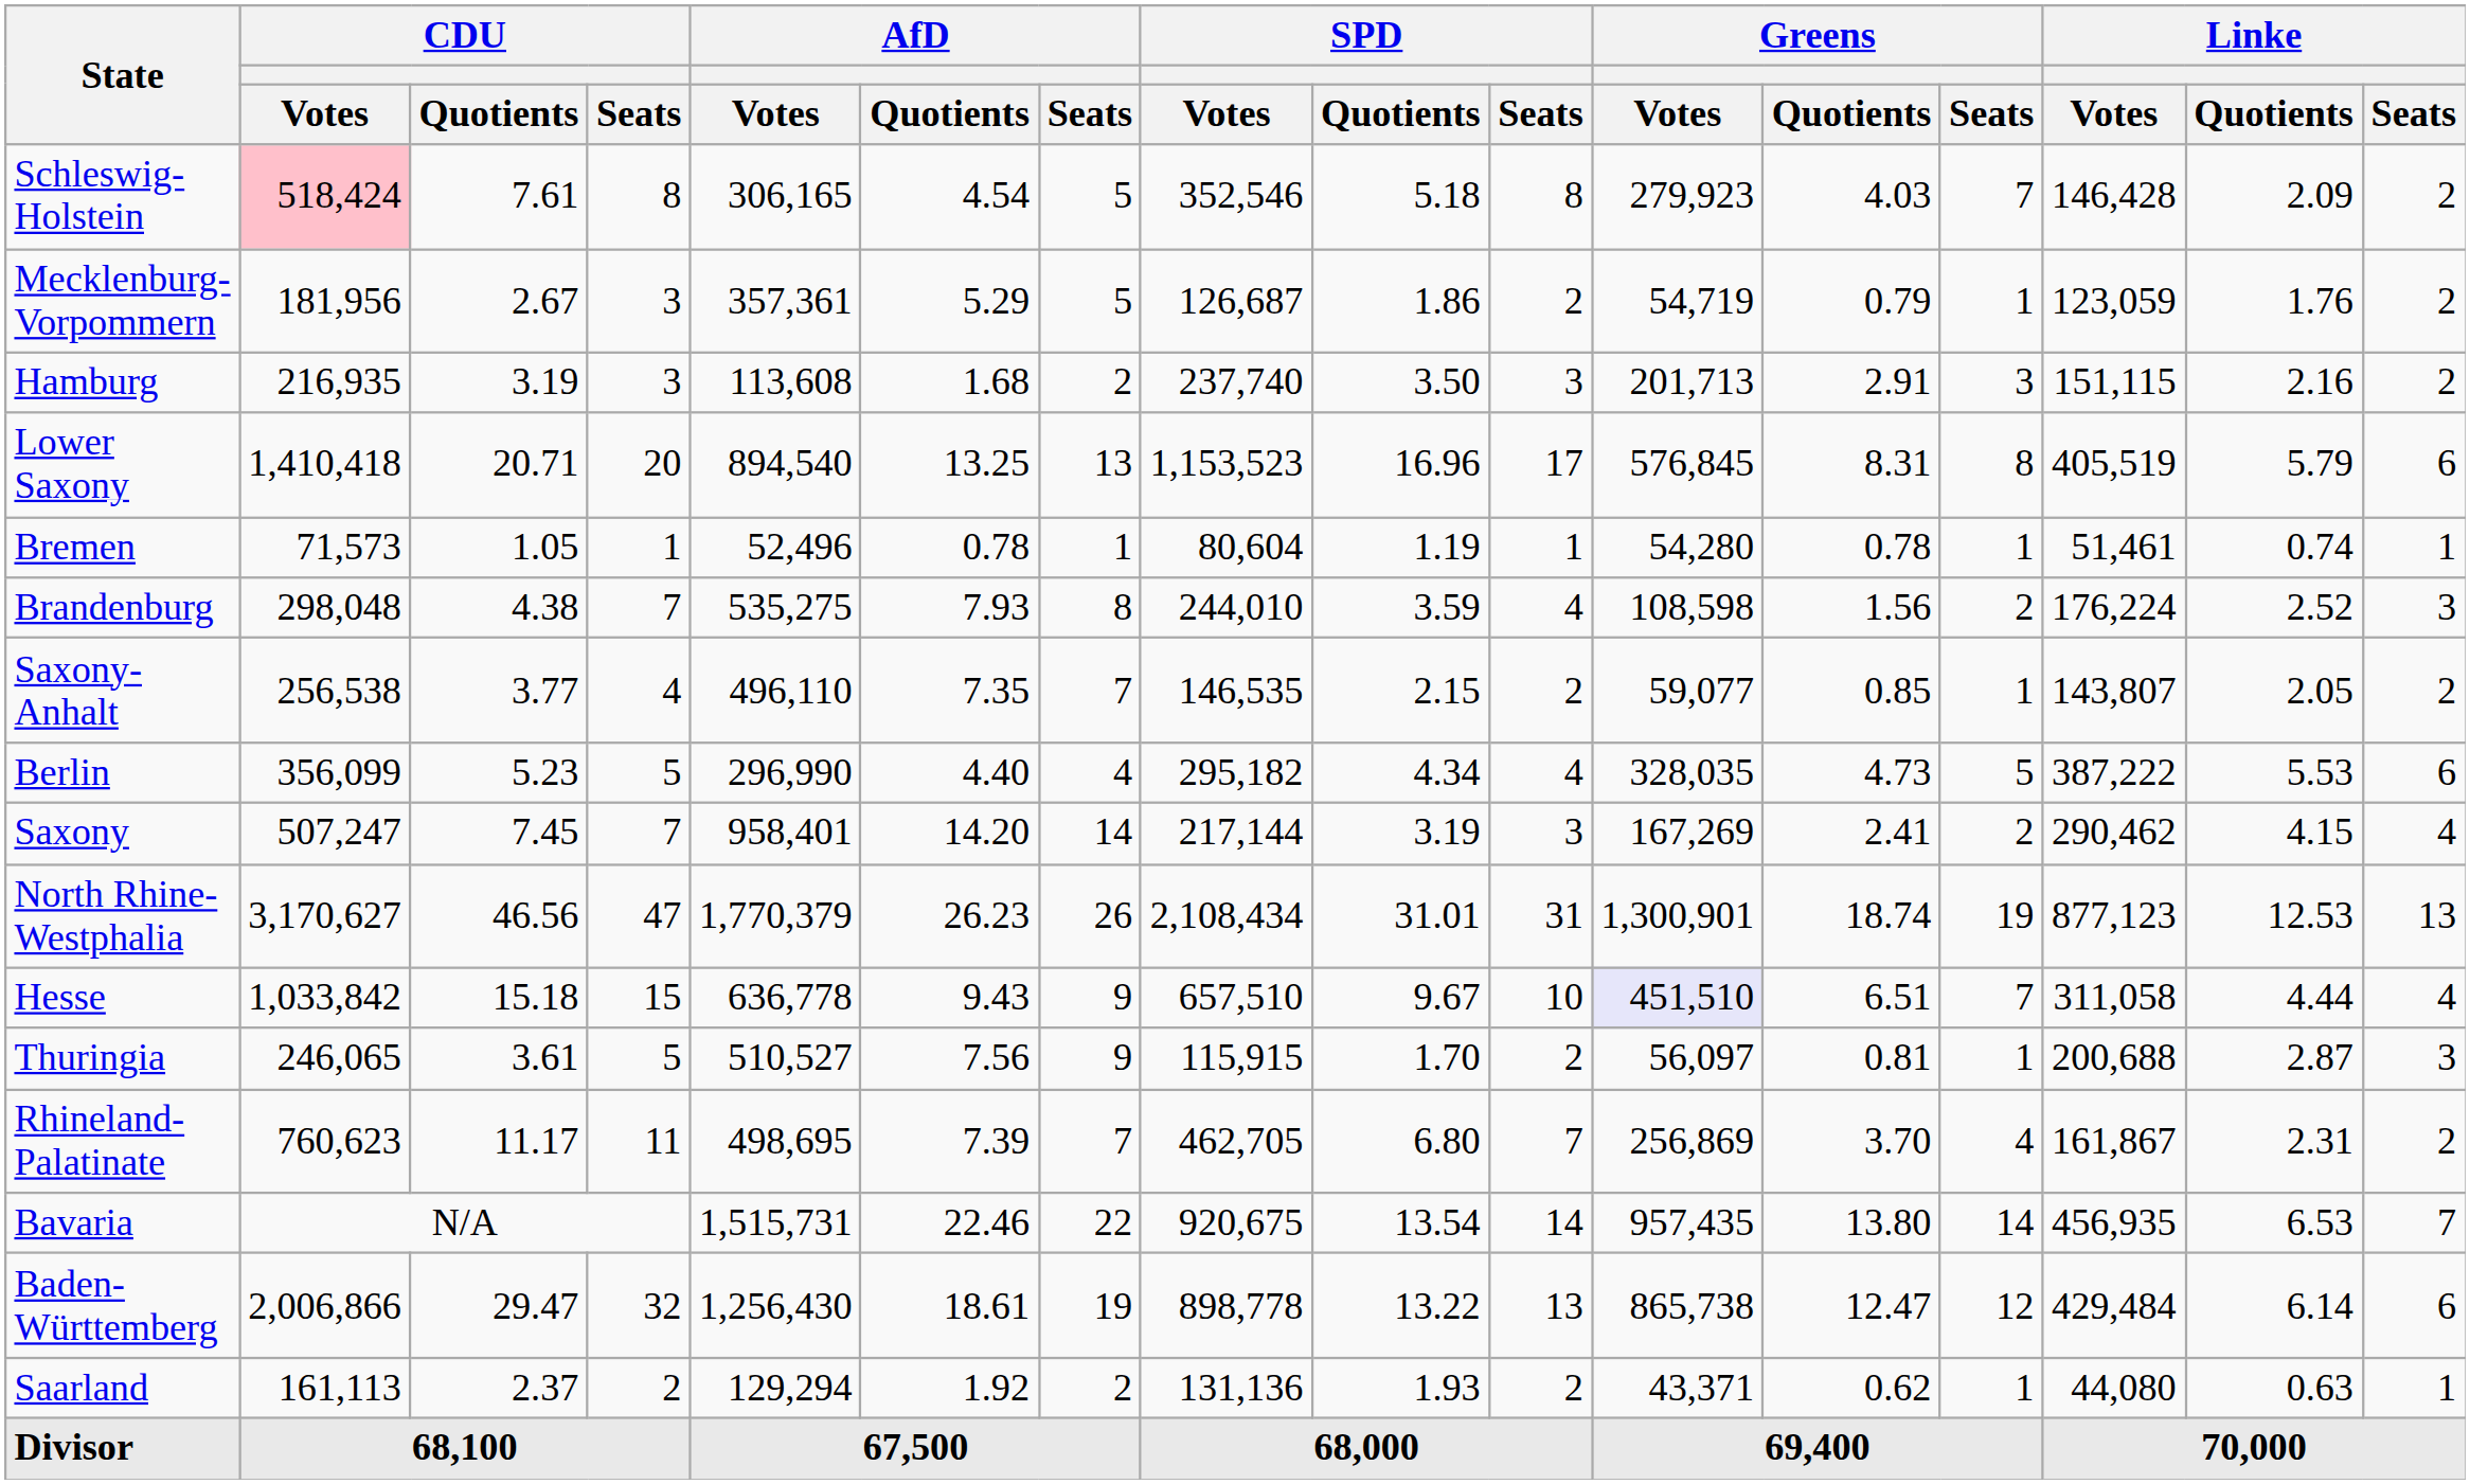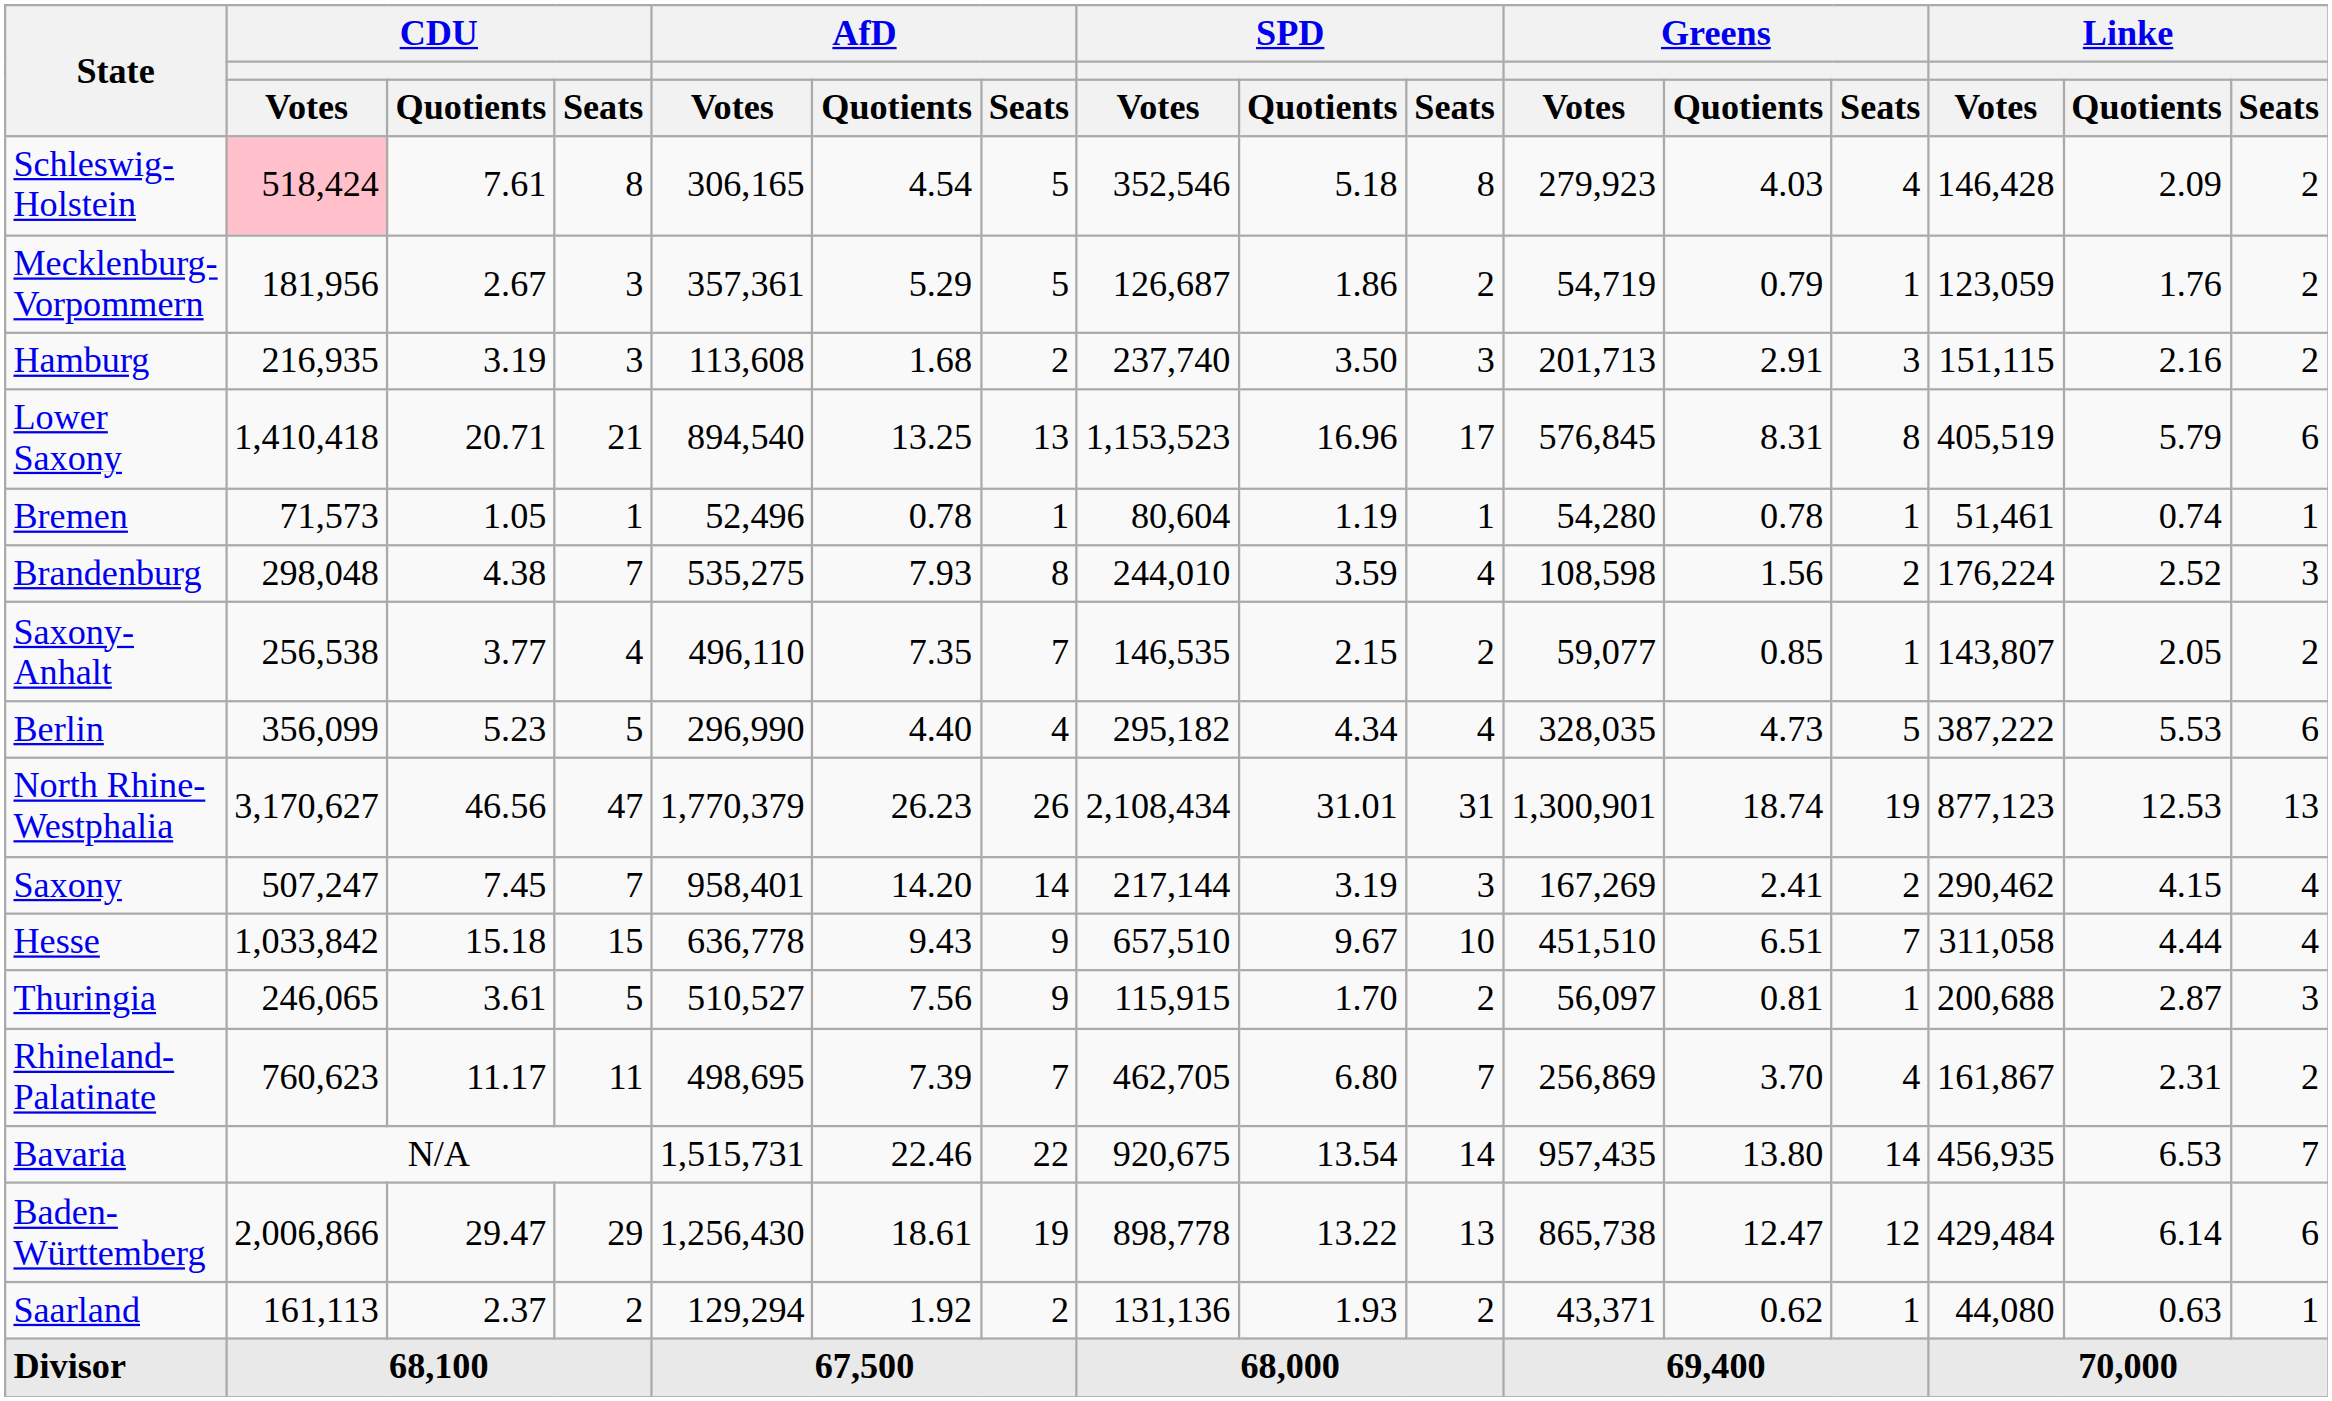 <table class="wikitable">
 <tr>
 <th rowspan="3">State</th>
 <th colspan="3"><a href='#'>CDU</a></th>
 <th colspan="3"><a href='#'>AfD</a></th>
 <th colspan="3"><a href='#'>SPD</a></th>
 <th colspan="3"><a href='#'>Greens</a></th>
 <th colspan="3"><a href='#'>Linke</a></th>
 </tr>
 <tr>
 <th colspan="3" style="background:"></th>
 <th colspan="3" style="background:"></th>
 <th colspan="3" style="background:"></th>
 <th colspan="3" style="background:"></th>
 <th colspan="3" style="background:"></th>
 </tr>
 <tr>
 <th>Votes</th>
 <th>Quotients</th>
 <th>Seats</th>
 <th>Votes</th>
 <th>Quotients</th>
 <th>Seats</th>
 <th>Votes</th>
 <th>Quotients</th>
 <th>Seats</th>
 <th>Votes</th>
 <th>Quotients</th>
 <th>Seats</th>
 <th>Votes</th>
 <th>Quotients</th>
 <th>Seats</th>
 </tr>
 <tr>
 <td style="text-align:left;"><a href='#'>Schleswig-Holstein</a></td>
 <td style="background: pink; text-align:right;">518,424</td>
 <td style="text-align:right;">7.61</td>
 <td style="text-align:right;">8</td>
 <td style="text-align:right;">306,165</td>
 <td style="text-align:right;">4.54</td>
 <td style="text-align:right;">5</td>
 <td style="text-align:right;">352,546</td>
 <td style="text-align:right;">5.18</td>
 <td style="text-align:right;">8</td>
 <td style="text-align:right;">279,923</td>
 <td style="text-align:right;">4.03</td>
-<td style="text-align:right;">7</td>
+<td style="text-align:right;">4</td>
 <td style="text-align:right;">146,428</td>
 <td style="text-align:right;">2.09</td>
 <td style="text-align:right;">2</td>
 </tr>
 <tr>
 <td style="text-align:left;"><a href='#'>Mecklenburg-Vorpommern</a></td>
 <td style="text-align:right;">181,956</td>
 <td style="text-align:right;">2.67</td>
 <td style="text-align:right;">3</td>
 <td style="text-align:right;">357,361</td>
 <td style="text-align:right;">5.29</td>
 <td style="text-align:right;">5</td>
 <td style="text-align:right;">126,687</td>
 <td style="text-align:right;">1.86</td>
 <td style="text-align:right;">2</td>
 <td style="text-align:right;">54,719</td>
 <td style="text-align:right;">0.79</td>
 <td style="text-align:right;">1</td>
 <td style="text-align:right;">123,059</td>
 <td style="text-align:right;">1.76</td>
 <td style="text-align:right;">2</td>
 </tr>
 <tr>
 <td style="text-align:left;"><a href='#'>Hamburg</a></td>
 <td style="text-align:right;">216,935</td>
 <td style="text-align:right;">3.19</td>
 <td style="text-align:right;">3</td>
 <td style="text-align:right;">113,608</td>
 <td style="text-align:right;">1.68</td>
 <td style="text-align:right;">2</td>
 <td style="text-align:right;">237,740</td>
 <td style="text-align:right;">3.50</td>
 <td style="text-align:right;">3</td>
 <td style="text-align:right;">201,713</td>
 <td style="text-align:right;">2.91</td>
 <td style="text-align:right;">3</td>
 <td style="text-align:right;">151,115</td>
 <td style="text-align:right;">2.16</td>
 <td style="text-align:right;">2</td>
 </tr>
 <tr>
 <td style="text-align:left;"><a href='#'>Lower Saxony</a></td>
 <td style="text-align:right;">1,410,418</td>
 <td style="text-align:right;">20.71</td>
-<td style="text-align:right;">20</td>
+<td style="text-align:right;">21</td>
 <td style="text-align:right;">894,540</td>
 <td style="text-align:right;">13.25</td>
 <td style="text-align:right;">13</td>
 <td style="text-align:right;">1,153,523</td>
 <td style="text-align:right;">16.96</td>
 <td style="text-align:right;">17</td>
 <td style="text-align:right;">576,845</td>
 <td style="text-align:right;">8.31</td>
 <td style="text-align:right;">8</td>
 <td style="text-align:right;">405,519</td>
 <td style="text-align:right;">5.79</td>
 <td style="text-align:right;">6</td>
 </tr>
 <tr>
 <td style="text-align:left;"><a href='#'>Bremen</a></td>
 <td style="text-align:right;">71,573</td>
 <td style="text-align:right;">1.05</td>
 <td style="text-align:right;">1</td>
 <td style="text-align:right;">52,496</td>
 <td style="text-align:right;">0.78</td>
 <td style="text-align:right;">1</td>
 <td style="text-align:right;">80,604</td>
 <td style="text-align:right;">1.19</td>
 <td style="text-align:right;">1</td>
 <td style="text-align:right;">54,280</td>
 <td style="text-align:right;">0.78</td>
 <td style="text-align:right;">1</td>
 <td style="text-align:right;">51,461</td>
 <td style="text-align:right;">0.74</td>
 <td style="text-align:right;">1</td>
 </tr>
 <tr>
 <td style="text-align:left;"><a href='#'>Brandenburg</a></td>
 <td style="text-align:right;">298,048</td>
 <td style="text-align:right;">4.38</td>
 <td style="text-align:right;">7</td>
 <td style="text-align:right;">535,275</td>
 <td style="text-align:right;">7.93</td>
 <td style="text-align:right;">8</td>
 <td style="text-align:right;">244,010</td>
 <td style="text-align:right;">3.59</td>
 <td style="text-align:right;">4</td>
 <td style="text-align:right;">108,598</td>
 <td style="text-align:right;">1.56</td>
 <td style="text-align:right;">2</td>
 <td style="text-align:right;">176,224</td>
 <td style="text-align:right;">2.52</td>
 <td style="text-align:right;">3</td>
 </tr>
 <tr>
 <td><a href='#'>Saxony-Anhalt</a></td>
 <td style="text-align:right;">256,538</td>
 <td style="text-align:right;">3.77</td>
 <td style="text-align:right;">4</td>
 <td style="text-align:right;">496,110</td>
 <td style="text-align:right;">7.35</td>
 <td style="text-align:right;">7</td>
 <td style="text-align:right;">146,535</td>
 <td style="text-align:right;">2.15</td>
 <td style="text-align:right;">2</td>
 <td style="text-align:right;">59,077</td>
 <td style="text-align:right;">0.85</td>
 <td style="text-align:right;">1</td>
 <td style="text-align:right;">143,807</td>
 <td style="text-align:right;">2.05</td>
 <td style="text-align:right;">2</td>
 </tr>
 <tr>
 <td><a href='#'>Berlin</a></td>
 <td style="text-align:right;">356,099</td>
 <td style="text-align:right;">5.23</td>
 <td style="text-align:right;">5</td>
 <td style="text-align:right;">296,990</td>
 <td style="text-align:right;">4.40</td>
 <td style="text-align:right;">4</td>
 <td style="text-align:right;">295,182</td>
 <td style="text-align:right;">4.34</td>
 <td style="text-align:right;">4</td>
 <td style="text-align:right;">328,035</td>
 <td style="text-align:right;">4.73</td>
 <td style="text-align:right;">5</td>
 <td style="text-align:right;">387,222</td>
 <td style="text-align:right;">5.53</td>
 <td style="text-align:right;">6</td>
 </tr>
 <tr>
+<td style="text-align:left;"><a href='#'>North Rhine-Westphalia</a></td>
+<td style="text-align:right;">3,170,627</td>
+<td style="text-align:right;">46.56</td>
+<td style="text-align:right;">47</td>
+<td style="text-align:right;">1,770,379</td>
+<td style="text-align:right;">26.23</td>
+<td style="text-align:right;">26</td>
+<td style="text-align:right;">2,108,434</td>
+<td style="text-align:right;">31.01</td>
+<td style="text-align:right;">31</td>
+<td style="text-align:right;">1,300,901</td>
+<td style="text-align:right;">18.74</td>
+<td style="text-align:right;">19</td>
+<td style="text-align:right;">877,123</td>
+<td style="text-align:right;">12.53</td>
+<td style="text-align:right;">13</td>
+</tr>
+<tr>
 <td><a href='#'>Saxony</a></td>
 <td style="text-align:right;">507,247</td>
 <td style="text-align:right;">7.45</td>
 <td style="text-align:right;">7</td>
 <td style="text-align:right;">958,401</td>
 <td style="text-align:right;">14.20</td>
 <td style="text-align:right;">14</td>
 <td style="text-align:right;">217,144</td>
 <td style="text-align:right;">3.19</td>
 <td style="text-align:right;">3</td>
 <td style="text-align:right;">167,269</td>
 <td style="text-align:right;">2.41</td>
 <td style="text-align:right;">2</td>
 <td style="text-align:right;">290,462</td>
 <td style="text-align:right;">4.15</td>
 <td style="text-align:right;">4</td>
 </tr>
 <tr>
-<td style="text-align:left;"><a href='#'>North Rhine-Westphalia</a></td>
-<td style="text-align:right;">3,170,627</td>
-<td style="text-align:right;">46.56</td>
-<td style="text-align:right;">47</td>
-<td style="text-align:right;">1,770,379</td>
-<td style="text-align:right;">26.23</td>
-<td style="text-align:right;">26</td>
-<td style="text-align:right;">2,108,434</td>
-<td style="text-align:right;">31.01</td>
-<td style="text-align:right;">31</td>
-<td style="text-align:right;">1,300,901</td>
-<td style="text-align:right;">18.74</td>
-<td style="text-align:right;">19</td>
-<td style="text-align:right;">877,123</td>
-<td style="text-align:right;">12.53</td>
-<td style="text-align:right;">13</td>
-</tr>
-<tr>
 <td><a href='#'>Hesse</a></td>
 <td style="text-align:right;">1,033,842</td>
 <td style="text-align:right;">15.18</td>
 <td style="text-align:right;">15</td>
 <td style="text-align:right;">636,778</td>
 <td style="text-align:right;">9.43</td>
 <td style="text-align:right;">9</td>
 <td style="text-align:right;">657,510</td>
 <td style="text-align:right;">9.67</td>
 <td style="text-align:right;">10</td>
-<td style="background: lavender; text-align:right;">451,510</td>
+<td style="text-align:right;">451,510</td>
 <td style="text-align:right;">6.51</td>
 <td style="text-align:right;">7</td>
 <td style="text-align:right;">311,058</td>
 <td style="text-align:right;">4.44</td>
 <td style="text-align:right;">4</td>
 </tr>
 <tr>
 <td><a href='#'>Thuringia</a></td>
 <td style="text-align:right;">246,065</td>
 <td style="text-align:right;">3.61</td>
 <td style="text-align:right;">5</td>
 <td style="text-align:right;">510,527</td>
 <td style="text-align:right;">7.56</td>
 <td style="text-align:right;">9</td>
 <td style="text-align:right;">115,915</td>
 <td style="text-align:right;">1.70</td>
 <td style="text-align:right;">2</td>
 <td style="text-align:right;">56,097</td>
 <td style="text-align:right;">0.81</td>
 <td style="text-align:right;">1</td>
 <td style="text-align:right;">200,688</td>
 <td style="text-align:right;">2.87</td>
 <td style="text-align:right;">3</td>
 </tr>
 <tr>
 <td><a href='#'>Rhineland-Palatinate</a></td>
 <td style="text-align:right;">760,623</td>
 <td style="text-align:right;">11.17</td>
 <td style="text-align:right;">11</td>
 <td style="text-align:right;">498,695</td>
 <td style="text-align:right;">7.39</td>
 <td style="text-align:right;">7</td>
 <td style="text-align:right;">462,705</td>
 <td style="text-align:right;">6.80</td>
 <td style="text-align:right;">7</td>
 <td style="text-align:right;">256,869</td>
 <td style="text-align:right;">3.70</td>
 <td style="text-align:right;">4</td>
 <td style="text-align:right;">161,867</td>
 <td style="text-align:right;">2.31</td>
 <td style="text-align:right;">2</td>
 </tr>
 <tr>
 <td><a href='#'>Bavaria</a></td>
 <td colspan="3" style="text-align:center;">N/A</td>
 <td style="text-align:right;">1,515,731</td>
 <td style="text-align:right;">22.46</td>
 <td style="text-align:right;">22</td>
 <td style="text-align:right;">920,675</td>
 <td style="text-align:right;">13.54</td>
 <td style="text-align:right;">14</td>
 <td style="text-align:right;">957,435</td>
 <td style="text-align:right;">13.80</td>
 <td style="text-align:right;">14</td>
 <td style="text-align:right;">456,935</td>
 <td style="text-align:right;">6.53</td>
 <td style="text-align:right;">7</td>
 </tr>
 <tr>
 <td><a href='#'>Baden-Württemberg</a></td>
 <td style="text-align:right;">2,006,866</td>
 <td style="text-align:right;">29.47</td>
-<td style="text-align:right;">32</td>
+<td style="text-align:right;">29</td>
 <td style="text-align:right;">1,256,430</td>
 <td style="text-align:right;">18.61</td>
 <td style="text-align:right;">19</td>
 <td style="text-align:right;">898,778</td>
 <td style="text-align:right;">13.22</td>
 <td style="text-align:right;">13</td>
 <td style="text-align:right;">865,738</td>
 <td style="text-align:right;">12.47</td>
 <td style="text-align:right;">12</td>
 <td style="text-align:right;">429,484</td>
 <td style="text-align:right;">6.14</td>
 <td style="text-align:right;">6</td>
 </tr>
 <tr>
 <td><a href='#'>Saarland</a></td>
 <td style="text-align:right;">161,113</td>
 <td style="text-align:right;">2.37</td>
 <td style="text-align:right;">2</td>
 <td style="text-align:right;">129,294</td>
 <td style="text-align:right;">1.92</td>
 <td style="text-align:right;">2</td>
 <td style="text-align:right;">131,136</td>
 <td style="text-align:right;">1.93</td>
 <td style="text-align:right;">2</td>
 <td style="text-align:right;">43,371</td>
 <td style="text-align:right;">0.62</td>
 <td style="text-align:right;">1</td>
 <td style="text-align:right;">44,080</td>
 <td style="text-align:right;">0.63</td>
 <td style="text-align:right;">1</td>
 </tr>
 <tr style="background-color:#E9E9E9">
 <td><strong>Divisor</strong></td>
 <td colspan="3" style="text-align:center;"><strong>68,100</strong></td>
 <td colspan="3" style="text-align:center;"><strong>67,500</strong></td>
 <td colspan="3" style="text-align:center;"><strong>68,000</strong></td>
 <td colspan="3" style="text-align:center;"><strong>69,400</strong></td>
 <td colspan="3" style="text-align:center;"><strong>70,000</strong></td>
 </tr>
 </table>
